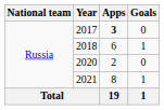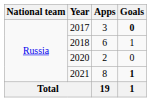 <table class=wikitable style=text-align:center>
 <tr>
 <th>National team</th>
 <th>Year</th>
 <th>Apps</th>
 <th>Goals</th>
 </tr>
 <tr>
 <td rowspan="4"><a href='#'>Russia</a></td>
 <td>2017</td>
-<td><strong>3</strong></td>
-<td>0</td>
+<td>3</td>
+<td><strong>0</strong></td>
 </tr>
 <tr>
 <td>2018</td>
 <td>6</td>
 <td>1</td>
 </tr>
 <tr>
 <td>2020</td>
 <td>2</td>
 <td>0</td>
 </tr>
 <tr>
 <td>2021</td>
 <td>8</td>
-<td>1</td>
+<td><strong>1</strong></td>
 </tr>
 <tr>
 <th colspan=2>Total</th>
 <th>19</th>
 <th>1</th>
 </tr>
 </table>
